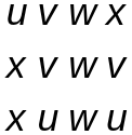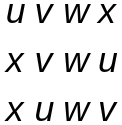 <table>
 <tr>
 <td><em>u</em></td>
 <td><em>v</em></td>
 <td><em>w</em></td>
 <td><em>x</em></td>
 </tr>
 <tr>
 <td><em>x</em></td>
 <td><em>v</em></td>
 <td><em>w</em></td>
-<td><em>v</em></td>
+<td><em>u</em></td>
 </tr>
 <tr>
 <td><em>x</em></td>
 <td><em>u</em></td>
 <td><em>w</em></td>
-<td><em>u</em></td>
+<td><em>v</em></td>
 </tr>
 </table>
